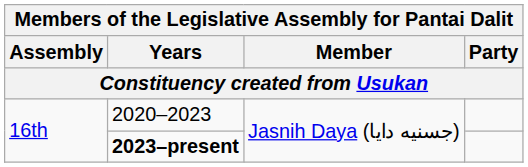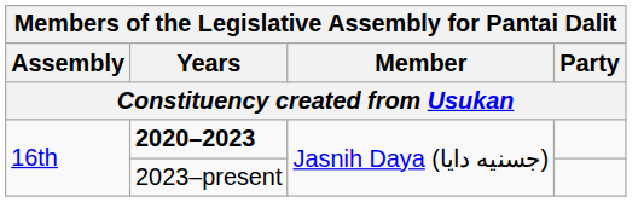 <table class=wikitable>
 <tr>
 <th colspan=4>Members of the Legislative Assembly for Pantai Dalit</th>
 </tr>
 <tr>
 <th>Assembly</th>
 <th>Years</th>
 <th>Member</th>
 <th>Party</th>
 </tr>
 <tr>
 <th colspan=4 align=center><em>Constituency created from <a href='#'>Usukan</a></em></th>
 </tr>
 <tr>
 <td rowspan="2"><a href='#'>16th</a></td>
-<td>2020–2023</td>
+<td><strong>2020–2023</strong></td>
 <td rowspan="2"><a href='#'>Jasnih Daya</a> (جسنيه دايا)</td>
 <td></td>
 </tr>
 <tr>
-<td><strong>2023–present</strong></td>
+<td>2023–present</td>
 <td></td>
 </tr>
 </table>
